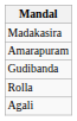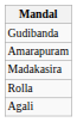 <table class="wikitable sortable static-row-numbers static-row-header-hash">
 <tr>
 <th>Mandal</th>
 </tr>
 <tr>
-<td>Madakasira</td>
+<td>Gudibanda</td>
 </tr>
 <tr>
 <td>Amarapuram</td>
 </tr>
 <tr>
-<td>Gudibanda</td>
+<td>Madakasira</td>
 </tr>
 <tr>
 <td>Rolla</td>
 </tr>
 <tr>
 <td>Agali</td>
 </tr>
 </table>
